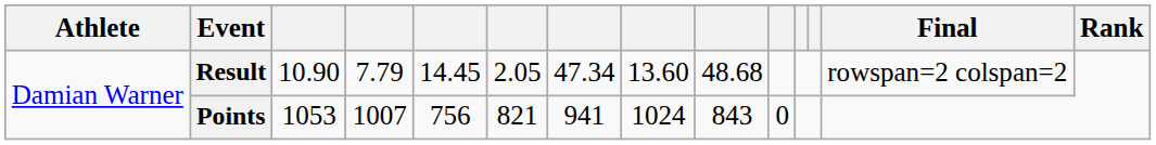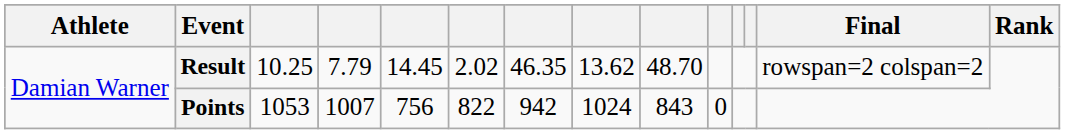 <table class=wikitable style="font-size:90%;">
 <tr>
 <th>Athlete</th>
 <th>Event</th>
 <th></th>
 <th></th>
 <th></th>
 <th></th>
 <th></th>
 <th></th>
 <th></th>
 <th></th>
 <th></th>
 <th></th>
 <th>Final</th>
 <th>Rank</th>
 </tr>
 <tr align=center>
 <td rowspan=2 align=left><a href='#'>Damian Warner</a></td>
 <th style="font-size:95%">Result</th>
-<td>10.90</td>
+<td>10.25</td>
 <td>7.79</td>
 <td>14.45</td>
-<td>2.05 <strong></strong></td>
-<td>47.34 <strong></strong></td>
-<td>13.60</td>
-<td>48.68 <strong></strong></td>
+<td>2.02 <strong></strong></td>
+<td>46.35 <strong></strong></td>
+<td>13.62</td>
+<td>48.70 <strong></strong></td>
 <td></td>
 <td colspan=2></td>
 <td>rowspan=2 colspan=2 </td>
 </tr>
 <tr align=center>
 <th style="font-size:95%">Points</th>
 <td>1053</td>
 <td>1007</td>
 <td>756</td>
-<td>821</td>
-<td>941</td>
+<td>822</td>
+<td>942</td>
 <td>1024</td>
 <td>843</td>
 <td>0</td>
 <td colspan=2></td>
 </tr>
 </table>
